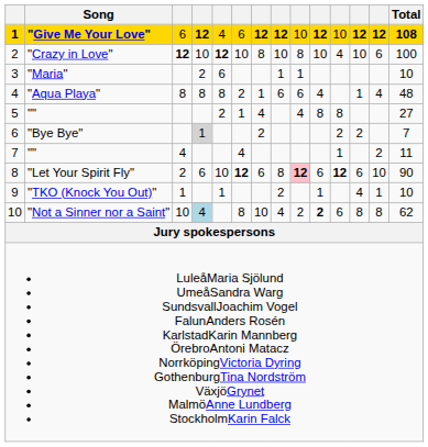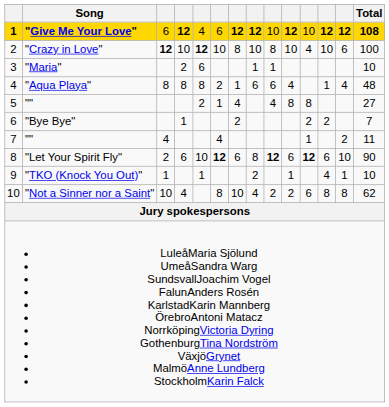 <table class="wikitable" style="margin: 1em auto 1em auto; text-align:center;">
 <tr>
 <th></th>
 <th>Song</th>
 <th></th>
 <th></th>
 <th></th>
 <th></th>
 <th></th>
 <th></th>
 <th></th>
 <th></th>
 <th></th>
 <th></th>
 <th></th>
 <th>Total</th>
 </tr>
 <tr style="background:gold;">
 <td><strong>1</strong></td>
 <td align="left"><strong>"<a href='#'>Give Me Your Love</a>"</strong></td>
 <td>6</td>
 <td><strong>12</strong></td>
 <td>4</td>
 <td>6</td>
 <td><strong>12</strong></td>
 <td><strong>12</strong></td>
 <td>10</td>
 <td><strong>12</strong></td>
 <td>10</td>
 <td><strong>12</strong></td>
 <td><strong>12</strong></td>
 <td><strong>108</strong></td>
 </tr>
 <tr>
 <td>2</td>
 <td align="left">"<a href='#'>Crazy in Love</a>"</td>
 <td><strong>12</strong></td>
 <td>10</td>
 <td><strong>12</strong></td>
 <td>10</td>
 <td>8</td>
 <td>10</td>
 <td>8</td>
 <td>10</td>
 <td>4</td>
 <td>10</td>
 <td>6</td>
 <td>100</td>
 </tr>
 <tr>
 <td>3</td>
 <td align="left">"<a href='#'>Maria</a>"</td>
 <td></td>
 <td>2</td>
 <td>6</td>
 <td></td>
 <td></td>
 <td>1</td>
 <td>1</td>
 <td></td>
 <td></td>
 <td></td>
 <td></td>
 <td>10</td>
 </tr>
 <tr>
 <td>4</td>
 <td align="left">"<a href='#'>Aqua Playa</a>"</td>
 <td>8</td>
 <td>8</td>
 <td>8</td>
 <td>2</td>
 <td>1</td>
 <td>6</td>
 <td>6</td>
 <td>4</td>
 <td></td>
 <td>1</td>
 <td>4</td>
 <td>48</td>
 </tr>
 <tr>
 <td>5</td>
 <td align="left">""</td>
 <td></td>
 <td></td>
 <td>2</td>
 <td>1</td>
 <td>4</td>
 <td></td>
 <td>4</td>
 <td>8</td>
 <td>8</td>
 <td></td>
 <td></td>
 <td>27</td>
 </tr>
 <tr>
 <td>6</td>
 <td align="left">"Bye Bye"</td>
 <td></td>
-<td style="background: lightgrey;">1</td>
+<td>1</td>
 <td></td>
 <td></td>
 <td>2</td>
 <td></td>
 <td></td>
 <td></td>
 <td>2</td>
 <td>2</td>
 <td></td>
 <td>7</td>
 </tr>
 <tr>
 <td>7</td>
 <td align="left">""</td>
 <td>4</td>
 <td></td>
 <td></td>
 <td>4</td>
 <td></td>
 <td></td>
 <td></td>
 <td></td>
 <td>1</td>
 <td></td>
 <td>2</td>
 <td>11</td>
 </tr>
 <tr>
 <td>8</td>
 <td align="left">"Let Your Spirit Fly"</td>
 <td>2</td>
 <td>6</td>
 <td>10</td>
 <td><strong>12</strong></td>
 <td>6</td>
 <td>8</td>
-<td style="background: pink;"><strong>12</strong></td>
+<td><strong>12</strong></td>
 <td>6</td>
 <td><strong>12</strong></td>
 <td>6</td>
 <td>10</td>
 <td>90</td>
 </tr>
 <tr>
 <td>9</td>
 <td align="left">"<a href='#'>TKO (Knock You Out)</a>"</td>
 <td>1</td>
 <td></td>
 <td>1</td>
 <td></td>
 <td></td>
 <td>2</td>
 <td></td>
 <td>1</td>
 <td></td>
 <td>4</td>
 <td>1</td>
 <td>10</td>
 </tr>
 <tr>
 <td>10</td>
 <td align="left">"<a href='#'>Not a Sinner nor a Saint</a>"</td>
 <td>10</td>
-<td style="background: lightblue;">4</td>
+<td>4</td>
 <td></td>
 <td>8</td>
 <td>10</td>
 <td>4</td>
 <td>2</td>
-<td><strong>2</strong></td>
+<td>2</td>
 <td>6</td>
 <td>8</td>
 <td>8</td>
 <td>62</td>
 </tr>
 <tr class="sortbottom">
 <th colspan="14">Jury spokespersons</th>
 </tr>
 <tr class="sortbottom">
 <td colspan="14"><br><ul><li>LuleåMaria Sjölund</li><li>UmeåSandra Warg</li><li>SundsvallJoachim Vogel</li><li>FalunAnders Rosén</li><li>KarlstadKarin Mannberg</li><li>ÖrebroAntoni Matacz</li><li>Norrköping<a href='#'>Victoria Dyring</a></li><li>Gothenburg<a href='#'>Tina Nordström</a></li><li>Växjö<a href='#'>Grynet</a></li><li>Malmö<a href='#'>Anne Lundberg</a></li><li>Stockholm<a href='#'>Karin Falck</a></li></ul></td>
 </tr>
 </table>
